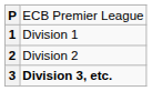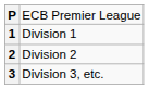 <table class="wikitable" style="font-size:85%">
 <tr>
 <th scope="row">P</th>
 <td>ECB Premier League</td>
 </tr>
 <tr>
 <th scope="row">1</th>
 <td>Division 1</td>
 </tr>
 <tr>
 <th scope="row">2</th>
 <td>Division 2</td>
 </tr>
 <tr>
 <th scope="row">3</th>
-<td><strong>Division 3, etc.</strong></td>
+<td>Division 3, etc.</td>
 </tr>
 </table>
